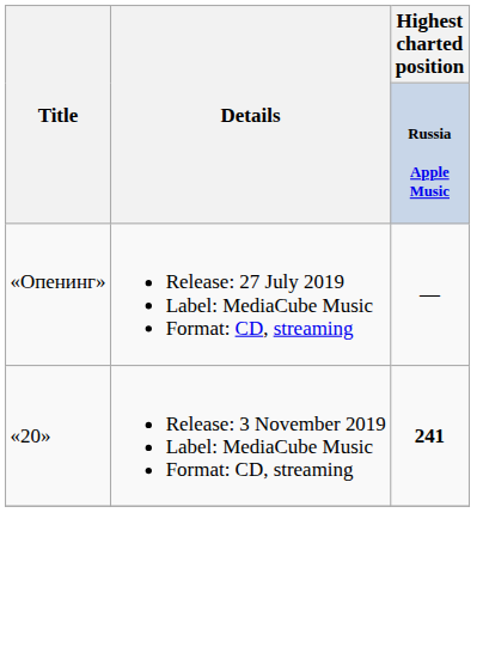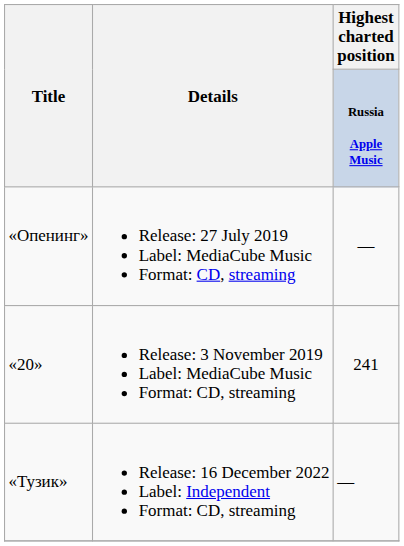 <table class="wikitable">
 <tr>
 <th rowspan="2" style="background-color:">Title</th>
 <th rowspan="2" style="background-color:">Details</th>
 <th style="background-color:">Highest charted position</th>
 </tr>
 <tr>
 <th style="text-align:center;width:3em;font-size:75%;background:#c8d6e8;"><br><br>Russia<br><br><a href='#'>Apple Music</a><br><br></th>
 </tr>
 <tr>
 <td>«Опенинг»<br><br></td>
 <td><br><ul><li>Release: 27 July 2019</li><li>Label: MediaCube Music</li><li>Format: <a href='#'>CD</a>, <a href='#'>streaming</a></li></ul></td>
 <td align="center">—</td>
 </tr>
 <tr>
 <td>«20»</td>
 <td><br><ul><li>Release: 3 November 2019</li><li>Label: MediaCube Music</li><li>Format: CD, streaming</li></ul></td>
-<td align="center"><strong>241</strong></td>
+<td align="center">241</td>
+</tr>
+<tr>
+<td>«Тузик»</td>
+<td><br><ul><li>Release: 16 December 2022</li><li>Label: <a href='#'>Independent</a></li><li>Format: CD, streaming</li></ul></td>
+<td>—</td>
 </tr>
 <tr>
 </tr>
 </table>
